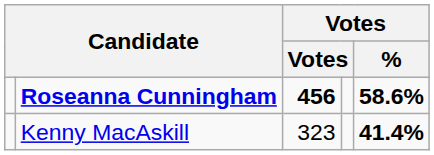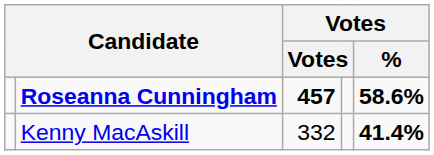 <table class=wikitable style="font-size:95%;">
 <tr>
 <th colspan="2" scope="col" rowspan="2" width="125">Candidate</th>
 <th scope="col" colspan="3" width="75">Votes</th>
 </tr>
 <tr>
 <th scope="col" colspan="2">Votes</th>
 <th>%</th>
 </tr>
 <tr align="right">
 <td style="background-color: "></td>
 <td scope="row" align="left"><strong><a href='#'>Roseanna Cunningham</a></strong> </td>
-<td><strong>456</strong></td>
+<td><strong>457</strong></td>
 <td align=center></td>
 <td><strong>58.6%</strong></td>
 </tr>
 <tr align="right">
 <td style="background-color: "></td>
 <td scope="row" align="left"><a href='#'>Kenny MacAskill</a></td>
-<td>323</td>
+<td>332</td>
 <td align=center></td>
 <td><strong>41.4%</strong></td>
 </tr>
 </table>
